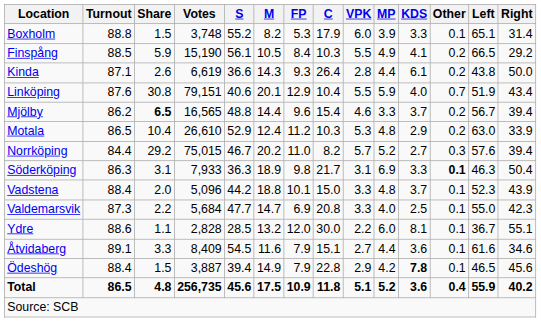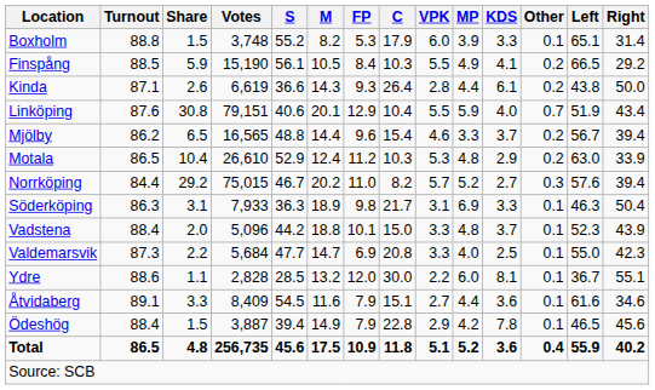 <table class="wikitable sortable" style=text-align:right>
 <tr>
 <th>Location</th>
 <th>Turnout</th>
 <th>Share</th>
 <th>Votes</th>
 <th><a href='#'>S</a></th>
 <th><a href='#'>M</a></th>
 <th><a href='#'>FP</a></th>
 <th><a href='#'>C</a></th>
 <th><a href='#'>VPK</a></th>
 <th><a href='#'>MP</a></th>
 <th><a href='#'>KDS</a></th>
 <th>Other</th>
 <th>Left</th>
 <th>Right</th>
 </tr>
 <tr>
 <td align=left><a href='#'>Boxholm</a></td>
 <td>88.8</td>
 <td>1.5</td>
 <td>3,748</td>
 <td>55.2</td>
 <td>8.2</td>
 <td>5.3</td>
 <td>17.9</td>
 <td>6.0</td>
 <td>3.9</td>
 <td>3.3</td>
 <td>0.1</td>
 <td>65.1</td>
 <td>31.4</td>
 </tr>
 <tr>
 <td align=left><a href='#'>Finspång</a></td>
 <td>88.5</td>
 <td>5.9</td>
 <td>15,190</td>
 <td>56.1</td>
 <td>10.5</td>
 <td>8.4</td>
 <td>10.3</td>
 <td>5.5</td>
 <td>4.9</td>
 <td>4.1</td>
 <td>0.2</td>
 <td>66.5</td>
 <td>29.2</td>
 </tr>
 <tr>
 <td align=left><a href='#'>Kinda</a></td>
 <td>87.1</td>
 <td>2.6</td>
 <td>6,619</td>
 <td>36.6</td>
 <td>14.3</td>
 <td>9.3</td>
 <td>26.4</td>
 <td>2.8</td>
 <td>4.4</td>
 <td>6.1</td>
 <td>0.2</td>
 <td>43.8</td>
 <td>50.0</td>
 </tr>
 <tr>
 <td align=left><a href='#'>Linköping</a></td>
 <td>87.6</td>
 <td>30.8</td>
 <td>79,151</td>
 <td>40.6</td>
 <td>20.1</td>
 <td>12.9</td>
 <td>10.4</td>
 <td>5.5</td>
 <td>5.9</td>
 <td>4.0</td>
 <td>0.7</td>
 <td>51.9</td>
 <td>43.4</td>
 </tr>
 <tr>
 <td align=left><a href='#'>Mjölby</a></td>
 <td>86.2</td>
-<td><strong>6.5</strong></td>
+<td>6.5</td>
 <td>16,565</td>
 <td>48.8</td>
 <td>14.4</td>
 <td>9.6</td>
 <td>15.4</td>
 <td>4.6</td>
 <td>3.3</td>
 <td>3.7</td>
 <td>0.2</td>
 <td>56.7</td>
 <td>39.4</td>
 </tr>
 <tr>
 <td align=left><a href='#'>Motala</a></td>
 <td>86.5</td>
 <td>10.4</td>
 <td>26,610</td>
 <td>52.9</td>
 <td>12.4</td>
 <td>11.2</td>
 <td>10.3</td>
 <td>5.3</td>
 <td>4.8</td>
 <td>2.9</td>
 <td>0.2</td>
 <td>63.0</td>
 <td>33.9</td>
 </tr>
 <tr>
 <td align=left><a href='#'>Norrköping</a></td>
 <td>84.4</td>
 <td>29.2</td>
 <td>75,015</td>
 <td>46.7</td>
 <td>20.2</td>
 <td>11.0</td>
 <td>8.2</td>
 <td>5.7</td>
 <td>5.2</td>
 <td>2.7</td>
 <td>0.3</td>
 <td>57.6</td>
 <td>39.4</td>
 </tr>
 <tr>
 <td align=left><a href='#'>Söderköping</a></td>
 <td>86.3</td>
 <td>3.1</td>
 <td>7,933</td>
 <td>36.3</td>
 <td>18.9</td>
 <td>9.8</td>
 <td>21.7</td>
 <td>3.1</td>
 <td>6.9</td>
 <td>3.3</td>
-<td><strong>0.1</strong></td>
+<td>0.1</td>
 <td>46.3</td>
 <td>50.4</td>
 </tr>
 <tr>
 <td align=left><a href='#'>Vadstena</a></td>
 <td>88.4</td>
 <td>2.0</td>
 <td>5,096</td>
 <td>44.2</td>
 <td>18.8</td>
 <td>10.1</td>
 <td>15.0</td>
 <td>3.3</td>
 <td>4.8</td>
 <td>3.7</td>
 <td>0.1</td>
 <td>52.3</td>
 <td>43.9</td>
 </tr>
 <tr>
 <td align=left><a href='#'>Valdemarsvik</a></td>
 <td>87.3</td>
 <td>2.2</td>
 <td>5,684</td>
 <td>47.7</td>
 <td>14.7</td>
 <td>6.9</td>
 <td>20.8</td>
 <td>3.3</td>
 <td>4.0</td>
 <td>2.5</td>
 <td>0.1</td>
 <td>55.0</td>
 <td>42.3</td>
 </tr>
 <tr>
 <td align=left><a href='#'>Ydre</a></td>
 <td>88.6</td>
 <td>1.1</td>
 <td>2,828</td>
 <td>28.5</td>
 <td>13.2</td>
 <td>12.0</td>
 <td>30.0</td>
 <td>2.2</td>
 <td>6.0</td>
 <td>8.1</td>
 <td>0.1</td>
 <td>36.7</td>
 <td>55.1</td>
 </tr>
 <tr>
 <td align=left><a href='#'>Åtvidaberg</a></td>
 <td>89.1</td>
 <td>3.3</td>
 <td>8,409</td>
 <td>54.5</td>
 <td>11.6</td>
 <td>7.9</td>
 <td>15.1</td>
 <td>2.7</td>
 <td>4.4</td>
 <td>3.6</td>
 <td>0.1</td>
 <td>61.6</td>
 <td>34.6</td>
 </tr>
 <tr>
 <td align=left><a href='#'>Ödeshög</a></td>
 <td>88.4</td>
 <td>1.5</td>
 <td>3,887</td>
 <td>39.4</td>
 <td>14.9</td>
 <td>7.9</td>
 <td>22.8</td>
 <td>2.9</td>
 <td>4.2</td>
-<td><strong>7.8</strong></td>
+<td>7.8</td>
 <td>0.1</td>
 <td>46.5</td>
 <td>45.6</td>
 </tr>
 <tr>
 <td align=left><strong>Total</strong></td>
 <td><strong>86.5</strong></td>
 <td><strong>4.8</strong></td>
 <td><strong>256,735</strong></td>
 <td><strong>45.6</strong></td>
 <td><strong>17.5</strong></td>
 <td><strong>10.9</strong></td>
 <td><strong>11.8</strong></td>
 <td><strong>5.1</strong></td>
 <td><strong>5.2</strong></td>
 <td><strong>3.6</strong></td>
 <td><strong>0.4</strong></td>
 <td><strong>55.9</strong></td>
 <td><strong>40.2</strong></td>
 </tr>
 <tr>
 <td align=left colspan=14>Source: SCB </td>
 </tr>
 </table>
